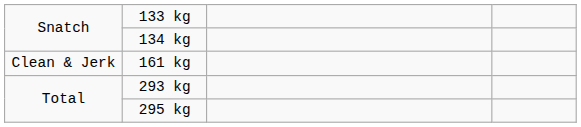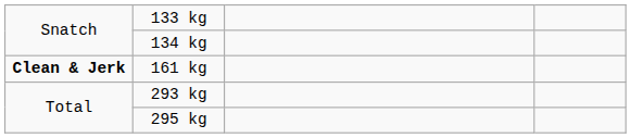 <table class = "wikitable" style="text-align:center;">
 <tr>
 <td rowspan=2 width=100>Snatch</td>
 <td width=70>133 kg</td>
 <td width=250 align=left></td>
 <td width=70></td>
 </tr>
 <tr>
 <td>134 kg</td>
 <td align=left></td>
 <td></td>
 </tr>
 <tr>
-<td>Clean & Jerk</td>
+<td><strong>Clean & Jerk</strong></td>
 <td>161 kg</td>
 <td align=left></td>
 <td></td>
 </tr>
 <tr>
 <td rowspan=2>Total</td>
 <td>293 kg</td>
 <td align=left></td>
 <td></td>
 </tr>
 <tr>
 <td>295 kg</td>
 <td align=left></td>
 <td></td>
 </tr>
 </table>
